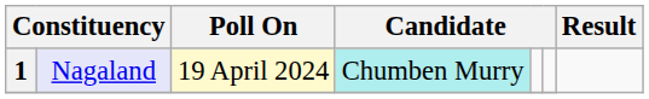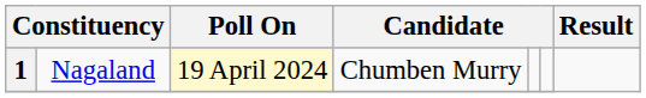 <table class="wikitable " style="text-align:center;">
 <tr>
 <th colspan="2">Constituency</th>
 <th>Poll On</th>
 <th colspan="3">Candidate</th>
 <th>Result</th>
 </tr>
 <tr>
 <th>1</th>
-<td style="background: lavender;"><a href='#'>Nagaland</a></td>
+<td><a href='#'>Nagaland</a></td>
 <td bgcolor=#FFFACD>19 April 2024</td>
-<td style="background: paleturquoise;">Chumben Murry</td>
+<td>Chumben Murry</td>
 <td></td>
 <td></td>
 </tr>
 <tr>
 </tr>
 </table>
